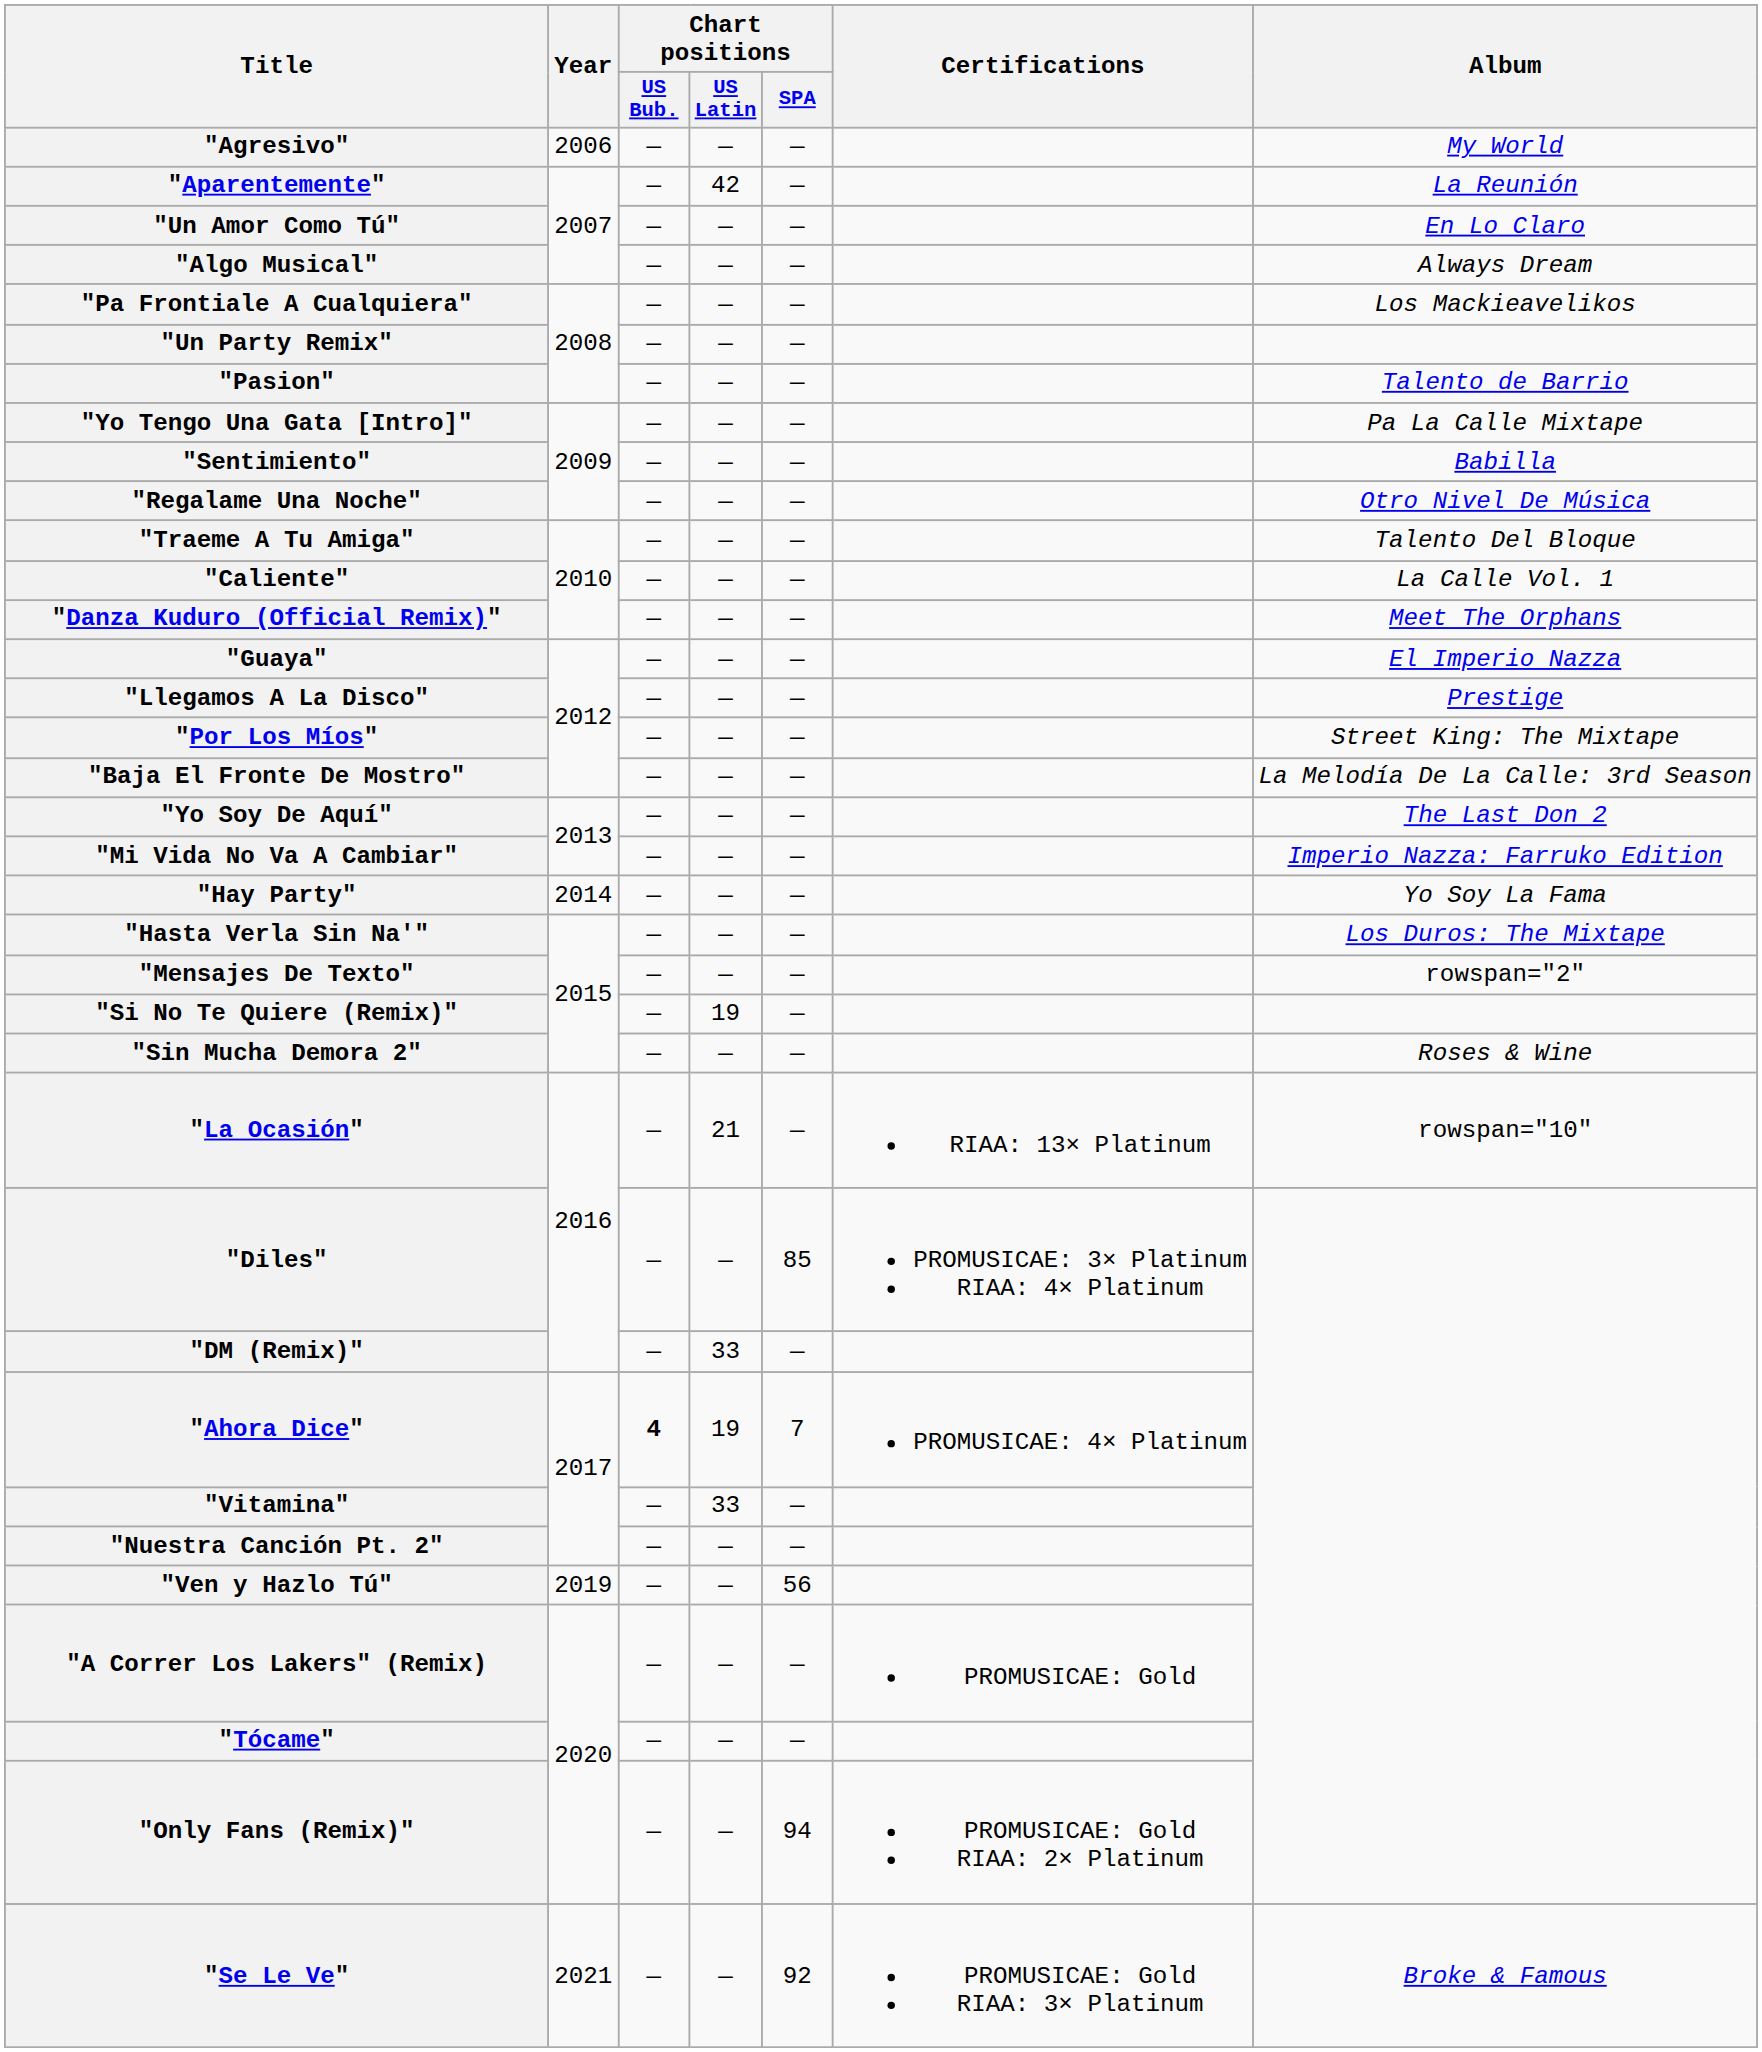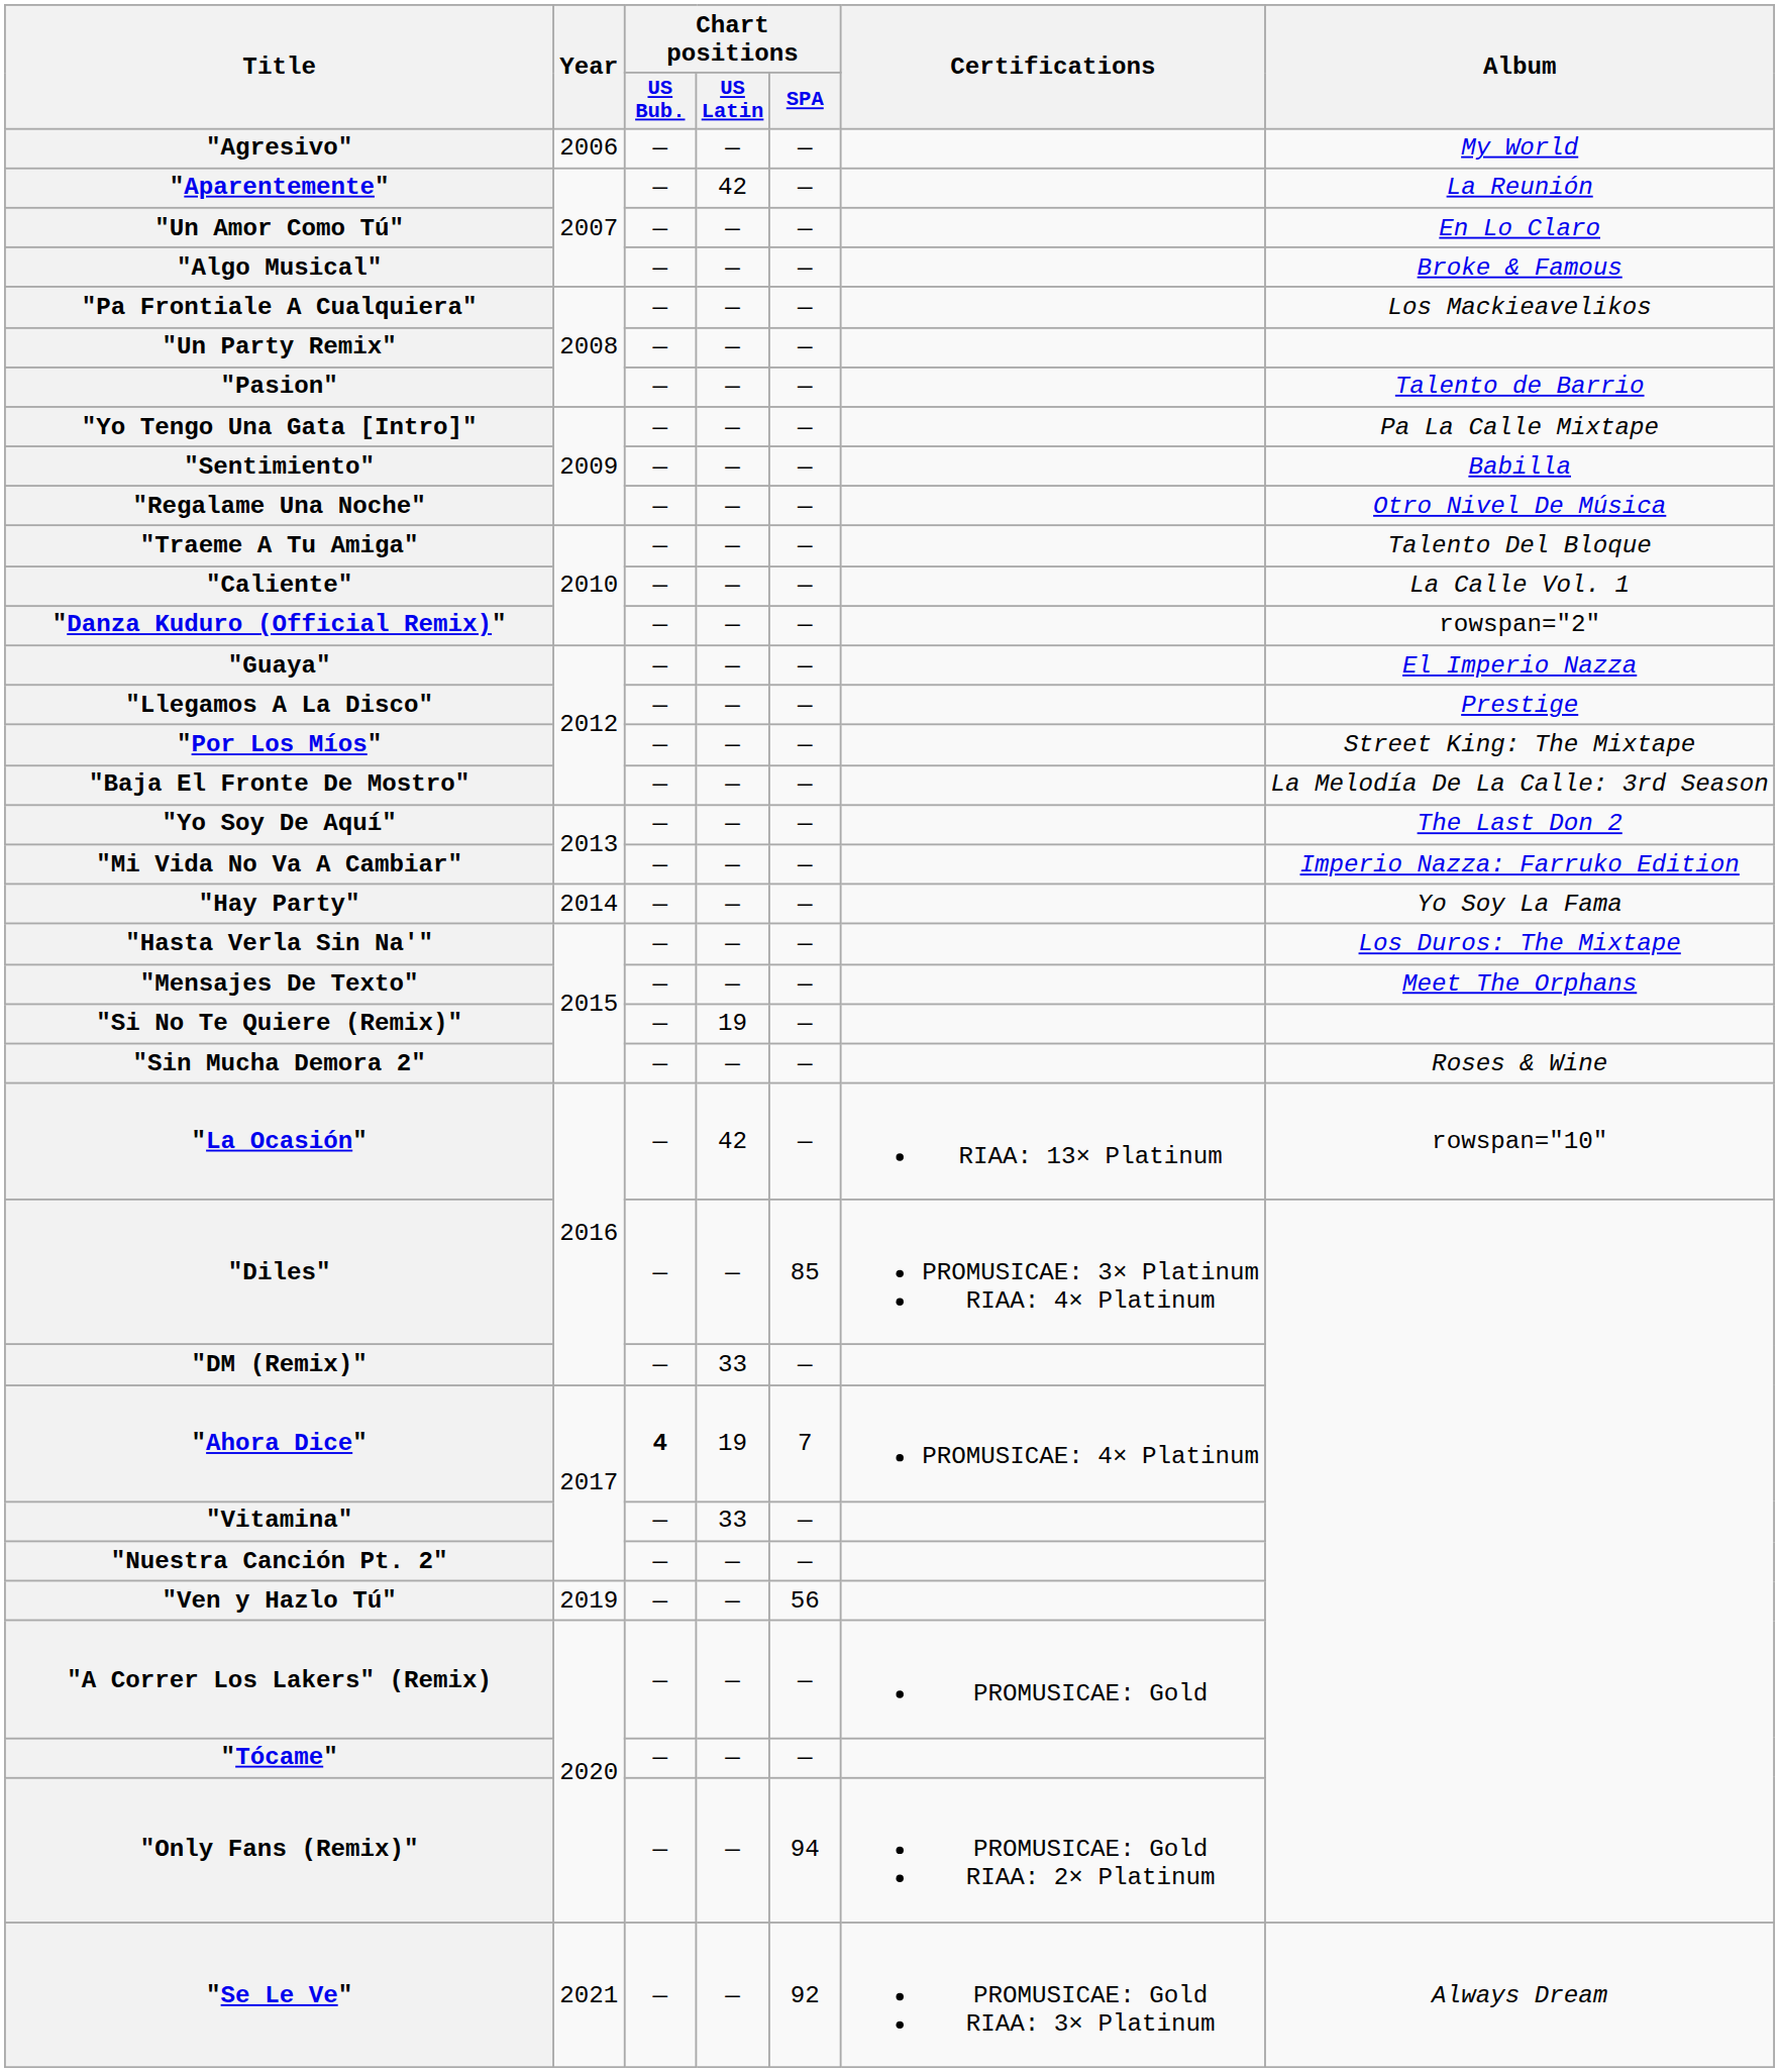 <table class="wikitable plainrowheaders" style="text-align:center;">
 <tr>
 <th rowspan="2" style="width:22em;">Title</th>
 <th scope="col" rowspan="2">Year</th>
 <th scope="col" colspan="3">Chart positions</th>
 <th scope="col" rowspan="2">Certifications</th>
 <th scope="col" rowspan="2">Album</th>
 </tr>
 <tr>
 <th scope="col" style="width:3em;font-size:85%"><a href='#'>US<br>Bub.</a><br></th>
 <th scope="col" style="width:3em;font-size:85%"><a href='#'>US<br>Latin</a><br></th>
 <th scope="col" style="width:3em; font-size:85%"><a href='#'>SPA</a><br></th>
 </tr>
 <tr>
 <th scope="row">"Agresivo"<br></th>
 <td>2006</td>
 <td>—</td>
 <td>—</td>
 <td>—</td>
 <td></td>
 <td><em><a href='#'>My World</a></em></td>
 </tr>
 <tr>
 <th scope="row">"<a href='#'>Aparentemente</a>"<br></th>
 <td rowspan="3">2007</td>
 <td>—</td>
 <td>42</td>
 <td>—</td>
 <td></td>
 <td><em><a href='#'>La Reunión</a></em></td>
 </tr>
 <tr>
 <th scope="row">"Un Amor Como Tú"<br></th>
 <td>—</td>
 <td>—</td>
 <td>—</td>
 <td></td>
 <td><em><a href='#'>En Lo Claro</a></em></td>
 </tr>
 <tr>
 <th scope="row">"Algo Musical"<br></th>
 <td>—</td>
 <td>—</td>
 <td>—</td>
 <td></td>
-<td><em>Always Dream</em></td>
+<td><em><a href='#'>Broke & Famous</a></em></td>
 </tr>
 <tr>
 <th scope="row">"Pa Frontiale A Cualquiera"<br></th>
 <td rowspan="3">2008</td>
 <td>—</td>
 <td>—</td>
 <td>—</td>
 <td></td>
 <td><em>Los Mackieavelikos</em></td>
 </tr>
 <tr>
 <th scope="row">"Un Party Remix"<br></th>
 <td>—</td>
 <td>—</td>
 <td>—</td>
 <td></td>
 <td></td>
 </tr>
 <tr>
 <th scope="row">"Pasion"<br></th>
 <td>—</td>
 <td>—</td>
 <td>—</td>
 <td></td>
 <td><em><a href='#'>Talento de Barrio</a></em></td>
 </tr>
 <tr>
 <th scope="row">"Yo Tengo Una Gata [Intro]"<br></th>
 <td rowspan="3">2009</td>
 <td>—</td>
 <td>—</td>
 <td>—</td>
 <td></td>
 <td><em>Pa La Calle Mixtape</em></td>
 </tr>
 <tr>
 <th scope="row">"Sentimiento"<br></th>
 <td>—</td>
 <td>—</td>
 <td>—</td>
 <td></td>
 <td><em><a href='#'>Babilla</a></em></td>
 </tr>
 <tr>
 <th scope="row">"Regalame Una Noche"<br></th>
 <td>—</td>
 <td>—</td>
 <td>—</td>
 <td></td>
 <td><em><a href='#'>Otro Nivel De Música</a></em></td>
 </tr>
 <tr>
 <th scope="row">"Traeme A Tu Amiga"<br></th>
 <td rowspan="3">2010</td>
 <td>—</td>
 <td>—</td>
 <td>—</td>
 <td></td>
 <td><em>Talento Del Bloque</em></td>
 </tr>
 <tr>
 <th scope="row">"Caliente"<br></th>
 <td>—</td>
 <td>—</td>
 <td>—</td>
 <td></td>
 <td><em>La Calle Vol. 1</em></td>
 </tr>
 <tr>
 <th scope="row">"<a href='#'>Danza Kuduro (Official Remix)</a>"<br></th>
 <td>—</td>
 <td>—</td>
 <td>—</td>
 <td></td>
-<td><em><a href='#'>Meet The Orphans</a></em></td>
+<td>rowspan="2" </td>
 </tr>
 <tr>
 <th scope="row">"Guaya"<br></th>
 <td rowspan="4">2012</td>
 <td>—</td>
 <td>—</td>
 <td>—</td>
 <td></td>
 <td><em><a href='#'>El Imperio Nazza</a></em></td>
 </tr>
 <tr>
 <th scope="row">"Llegamos A La Disco"<br></th>
 <td>—</td>
 <td>—</td>
 <td>—</td>
 <td></td>
 <td><em><a href='#'>Prestige</a></em></td>
 </tr>
 <tr>
 <th scope="row">"<a href='#'>Por Los Míos</a>"<br></th>
 <td>—</td>
 <td>—</td>
 <td>—</td>
 <td></td>
 <td><em>Street King: The Mixtape</em></td>
 </tr>
 <tr>
 <th scope="row">"Baja El Fronte De Mostro"<br></th>
 <td>—</td>
 <td>—</td>
 <td>—</td>
 <td></td>
 <td><em>La Melodía De La Calle: 3rd Season</em></td>
 </tr>
 <tr>
 <th scope="row">"Yo Soy De Aquí"<br></th>
 <td rowspan="2">2013</td>
 <td>—</td>
 <td>—</td>
 <td>—</td>
 <td></td>
 <td><em><a href='#'>The Last Don 2</a></em></td>
 </tr>
 <tr>
 <th scope="row">"Mi Vida No Va A Cambiar"<br></th>
 <td>—</td>
 <td>—</td>
 <td>—</td>
 <td></td>
 <td><em><a href='#'>Imperio Nazza: Farruko Edition</a></em></td>
 </tr>
 <tr>
 <th scope="row">"Hay Party"<br></th>
 <td>2014</td>
 <td>—</td>
 <td>—</td>
 <td>—</td>
 <td></td>
 <td><em>Yo Soy La Fama</em></td>
 </tr>
 <tr>
 <th scope="row">"Hasta Verla Sin Na'"<br></th>
 <td rowspan="4">2015</td>
 <td>—</td>
 <td>—</td>
 <td>—</td>
 <td></td>
 <td><em><a href='#'>Los Duros: The Mixtape</a></em></td>
 </tr>
 <tr>
 <th scope="row">"Mensajes De Texto"<br></th>
 <td>—</td>
 <td>—</td>
 <td>—</td>
 <td></td>
-<td>rowspan="2" </td>
+<td><em><a href='#'>Meet The Orphans</a></em></td>
 </tr>
 <tr>
 <th scope="row">"Si No Te Quiere (Remix)"<br></th>
 <td>—</td>
 <td>19</td>
 <td>—</td>
 <td></td>
 </tr>
 <tr>
 <th scope="row">"Sin Mucha Demora 2"<br></th>
 <td>—</td>
 <td>—</td>
 <td>—</td>
 <td></td>
 <td><em>Roses & Wine</em></td>
 </tr>
 <tr>
 <th scope="row">"<a href='#'>La Ocasión</a>"<br></th>
 <td rowspan="3">2016</td>
 <td>—</td>
-<td>21</td>
+<td>42</td>
 <td>—</td>
 <td><br><ul><li>RIAA: 13× Platinum </li></ul></td>
 <td>rowspan="10" </td>
 </tr>
 <tr>
 <th scope="row">"Diles"<br></th>
 <td>—</td>
 <td>—</td>
 <td>85</td>
 <td><br><ul><li>PROMUSICAE: 3× Platinum </li><li>RIAA: 4× Platinum </li></ul></td>
 </tr>
 <tr>
 <th scope="row">"DM (Remix)"<br></th>
 <td>—</td>
 <td>33</td>
 <td>—</td>
 <td></td>
 </tr>
 <tr>
 <th scope="row">"<a href='#'>Ahora Dice</a>"<br></th>
 <td rowspan="3">2017</td>
 <td><strong>4</strong></td>
 <td>19</td>
 <td>7</td>
 <td><br><ul><li>PROMUSICAE: 4× Platinum</li></ul></td>
 </tr>
 <tr>
 <th scope="row">"Vitamina"<br></th>
 <td>—</td>
 <td>33</td>
 <td>—</td>
 <td></td>
 </tr>
 <tr>
 <th scope="row">"Nuestra Canción Pt. 2"<br></th>
 <td>—</td>
 <td>—</td>
 <td>—</td>
 <td></td>
 </tr>
 <tr>
 <th scope="row">"Ven y Hazlo Tú"<br></th>
 <td>2019</td>
 <td>—</td>
 <td>—</td>
 <td>56</td>
 <td></td>
 </tr>
 <tr>
 <th scope="row">"A Correr Los Lakers" (Remix)<br></th>
 <td rowspan="3">2020</td>
 <td>—</td>
 <td>—</td>
 <td>—</td>
 <td><br><ul><li>PROMUSICAE: Gold</li></ul></td>
 </tr>
 <tr>
 <th scope="row">"<a href='#'>Tócame</a>"<br></th>
 <td>—</td>
 <td>—</td>
 <td>—</td>
 <td></td>
 </tr>
 <tr>
 <th scope="row">"Only Fans (Remix)"<br></th>
 <td>—</td>
 <td>—</td>
 <td>94</td>
 <td><br><ul><li>PROMUSICAE: Gold</li><li>RIAA: 2× Platinum </li></ul></td>
 </tr>
 <tr>
 <th scope="row">"<a href='#'>Se Le Ve</a>"<br></th>
 <td>2021</td>
 <td>—</td>
 <td>—</td>
 <td>92</td>
 <td><br><ul><li>PROMUSICAE: Gold</li><li>RIAA: 3× Platinum </li></ul></td>
-<td><em><a href='#'>Broke & Famous</a></em></td>
+<td><em>Always Dream</em></td>
 </tr>
 </table>
